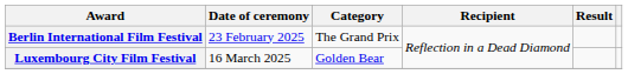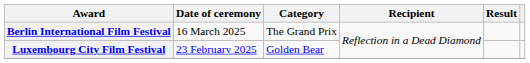 <table class="wikitable sortable plainrowheaders">
 <tr>
 <th>Award</th>
 <th>Date of ceremony</th>
 <th>Category</th>
 <th>Recipient</th>
 <th>Result</th>
 <th></th>
 </tr>
 <tr>
 <th scope="row" rowspan="1"><a href='#'>Berlin International Film Festival</a></th>
-<td rowspan="1"><a href='#'>23 February 2025</a></td>
+<td>16 March 2025</td>
 <td>The Grand Prix</td>
 <td rowspan="2"><em>Reflection in a Dead Diamond</em></td>
 <td></td>
 <td align="center"></td>
 </tr>
 <tr>
 <th scope="row"><a href='#'>Luxembourg City Film Festival</a></th>
-<td>16 March 2025</td>
+<td rowspan="1"><a href='#'>23 February 2025</a></td>
 <td><a href='#'>Golden Bear</a></td>
 <td></td>
 <td align="center"></td>
 </tr>
 <tr>
 </tr>
 </table>
